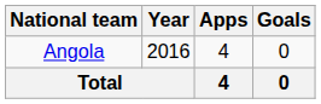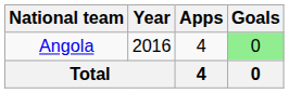 <table class="wikitable" style="text-align:center">
 <tr>
 <th>National team</th>
 <th>Year</th>
 <th>Apps</th>
 <th>Goals</th>
 </tr>
 <tr>
 <td><a href='#'>Angola</a></td>
 <td>2016</td>
 <td>4</td>
-<td>0</td>
+<td style="background: lightgreen;">0</td>
 </tr>
 <tr>
 <th colspan=2>Total</th>
 <th>4</th>
 <th>0</th>
 </tr>
 </table>
